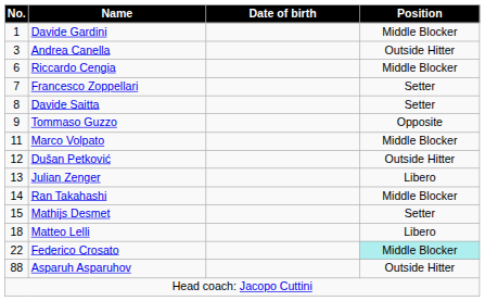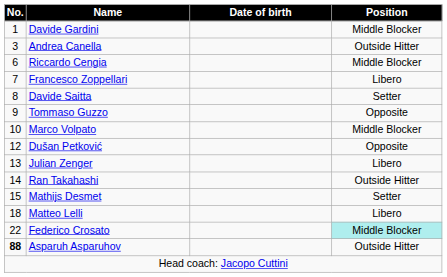 <table class="wikitable sortable" style="font-size:100%; text-align:center;">
 <tr>
 <th style="color:#FFFFFF; background-color:#000000">No.</th>
 <th style="width:15em; color:#FFFFFF; background-color:#000000">Name</th>
 <th style="width:13em; color:#FFFFFF; background-color:#000000">Date of birth</th>
 <th style="width:10em; color:#FFFFFF; background-color:#000000">Position</th>
 </tr>
 <tr>
 <td>1</td>
 <td align=left> <a href='#'>Davide Gardini</a></td>
 <td align=right></td>
 <td>Middle Blocker</td>
 </tr>
 <tr>
 <td>3</td>
 <td align=left> <a href='#'>Andrea Canella</a></td>
 <td align=right></td>
 <td>Outside Hitter</td>
 </tr>
 <tr>
 <td>6</td>
 <td align=left> <a href='#'>Riccardo Cengia</a></td>
 <td align=right></td>
 <td>Middle Blocker</td>
 </tr>
 <tr>
 <td>7</td>
 <td align=left> <a href='#'>Francesco Zoppellari</a></td>
 <td align=right></td>
-<td>Setter</td>
+<td>Libero</td>
 </tr>
 <tr>
 <td>8</td>
 <td align=left> <a href='#'>Davide Saitta</a></td>
 <td align=right></td>
 <td>Setter</td>
 </tr>
 <tr>
 <td>9</td>
 <td align=left> <a href='#'>Tommaso Guzzo</a></td>
 <td align=right></td>
 <td>Opposite</td>
 </tr>
 <tr>
-<td>11</td>
+<td>10</td>
 <td align=left> <a href='#'>Marco Volpato</a></td>
 <td align=right></td>
 <td>Middle Blocker</td>
 </tr>
 <tr>
 <td>12</td>
 <td align=left> <a href='#'>Dušan Petković</a></td>
 <td align=right></td>
-<td>Outside Hitter</td>
+<td>Opposite</td>
 </tr>
 <tr>
 <td>13</td>
 <td align=left> <a href='#'>Julian Zenger</a></td>
 <td align=right></td>
 <td>Libero</td>
 </tr>
 <tr>
 <td>14</td>
 <td align=left> <a href='#'>Ran Takahashi</a></td>
 <td align=right></td>
-<td>Middle Blocker</td>
+<td>Outside Hitter</td>
 </tr>
 <tr>
 <td>15</td>
 <td align=left> <a href='#'>Mathijs Desmet</a></td>
 <td align=right></td>
 <td>Setter</td>
 </tr>
 <tr>
 <td>18</td>
 <td align=left> <a href='#'>Matteo Lelli</a></td>
 <td align=right></td>
 <td>Libero</td>
 </tr>
 <tr>
 <td>22</td>
 <td align=left> <a href='#'>Federico Crosato</a></td>
 <td align=right></td>
 <td style="background: paleturquoise;">Middle Blocker</td>
 </tr>
 <tr>
-<td>88</td>
+<td><strong>88</strong></td>
 <td align=left> <a href='#'>Asparuh Asparuhov</a></td>
 <td align=right></td>
 <td>Outside Hitter</td>
 </tr>
 <tr>
 <td colspan=4>Head coach:  <a href='#'>Jacopo Cuttini</a></td>
 </tr>
 </table>
